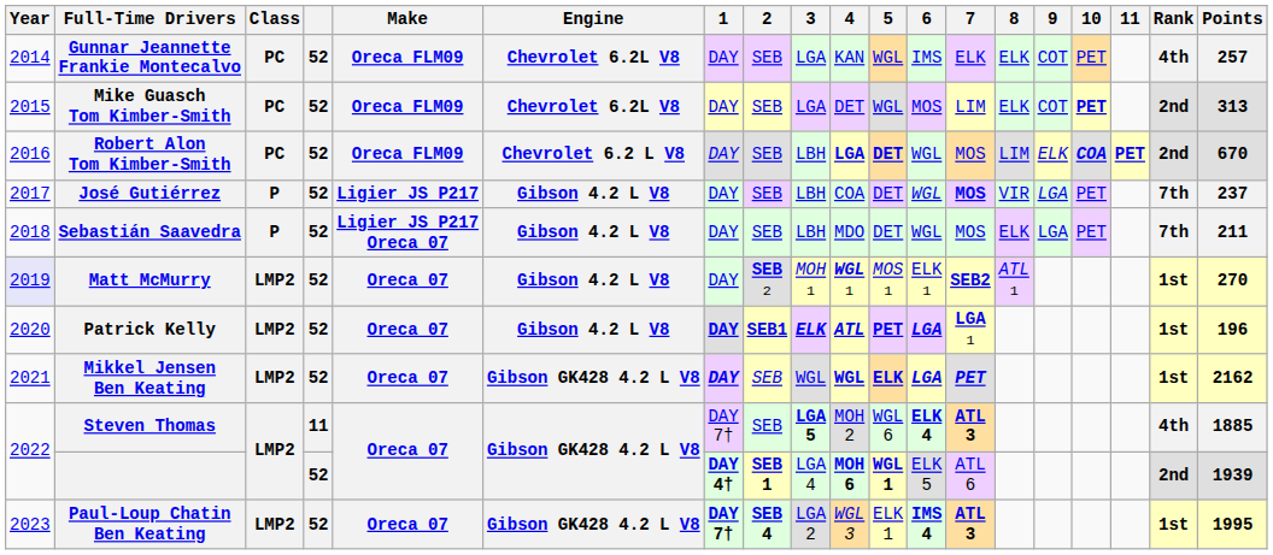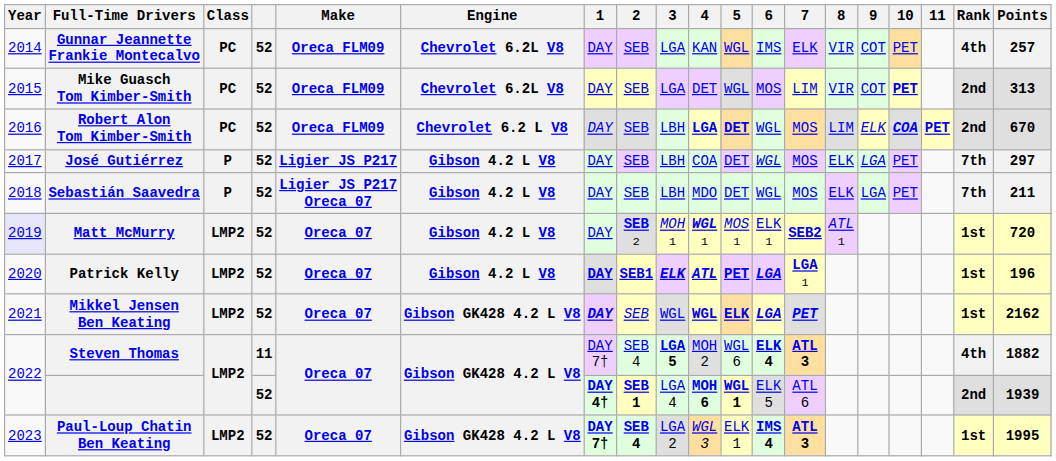 <table class="wikitable" style="text-align:center; font-size:90%">
 <tr>
 <th>Year</th>
 <th>Full-Time Drivers</th>
 <th>Class</th>
 <th></th>
 <th>Make</th>
 <th>Engine</th>
 <th>1</th>
 <th>2</th>
 <th>3</th>
 <th>4</th>
 <th>5</th>
 <th>6</th>
 <th>7</th>
 <th>8</th>
 <th>9</th>
 <th>10</th>
 <th>11</th>
 <th>Rank</th>
 <th>Points</th>
 </tr>
 <tr>
 <td><a href='#'>2014</a></td>
 <th> <a href='#'>Gunnar Jeannette</a> <br>  <a href='#'>Frankie Montecalvo</a></th>
 <th>PC</th>
 <th>52</th>
 <th><a href='#'>Oreca FLM09</a></th>
 <th><a href='#'>Chevrolet</a> 6.2L <a href='#'>V8</a></th>
 <td style="background:#EFCFFF;"><a href='#'>DAY</a><br></td>
 <td style="background:#EFCFFF;"><a href='#'>SEB</a><br></td>
 <td style="background:#DFFFDF;"><a href='#'>LGA</a><br></td>
 <td style="background:#DFFFDF;"><a href='#'>KAN</a><br></td>
 <td style="background:#FFDF9F;"><a href='#'>WGL</a><br></td>
 <td style="background:#DFFFDF;"><a href='#'>IMS</a><br></td>
 <td style="background:#EFCFFF;"><a href='#'>ELK</a><br></td>
-<td style="background:#DFFFDF;"><a href='#'>ELK</a><br></td>
+<td style="background:#DFFFDF;"><a href='#'>VIR</a><br></td>
 <td style="background:#DFFFDF;"><a href='#'>COT</a><br></td>
 <td style="background:#FFDF9F;"><a href='#'>PET</a><br></td>
 <td></td>
 <th>4th</th>
 <th>257</th>
 </tr>
 <tr>
 <td><a href='#'>2015</a></td>
 <th> Mike Guasch <br>  <a href='#'>Tom Kimber-Smith</a></th>
 <th>PC</th>
 <th>52</th>
 <th><a href='#'>Oreca FLM09</a></th>
 <th><a href='#'>Chevrolet</a> 6.2L <a href='#'>V8</a></th>
 <td style="background:#FFFFBF;"><a href='#'>DAY</a><br></td>
 <td style="background:#FFFFBF;"><a href='#'>SEB</a><br></td>
 <td style="background:#EFCFFF;"><a href='#'>LGA</a><br></td>
 <td style="background:#EFCFFF;"><a href='#'>DET</a><br></td>
 <td style="background:#DFDFDF;"><a href='#'>WGL</a><br></td>
 <td style="background:#EFCFFF;"><a href='#'>MOS</a><br></td>
 <td style="background:#FFFFBF;"><a href='#'>LIM</a><br></td>
-<td style="background:#DFFFDF;"><a href='#'>ELK</a><br></td>
+<td style="background:#DFFFDF;"><a href='#'>VIR</a><br></td>
 <td style="background:#DFFFDF;"><a href='#'>COT</a><br></td>
 <td style="background:#FFFFBF;"><strong><a href='#'>PET</a></strong><br></td>
 <td></td>
 <th style="background:#dfdfdf;">2nd</th>
 <th style="background:#dfdfdf;">313</th>
 </tr>
 <tr>
 <td><a href='#'>2016</a></td>
 <th> <a href='#'>Robert Alon</a> <br>  <a href='#'>Tom Kimber-Smith</a></th>
 <th>PC</th>
 <th>52</th>
 <th><a href='#'>Oreca FLM09</a></th>
 <th><a href='#'>Chevrolet</a> 6.2 L <a href='#'>V8</a></th>
 <td style="background:#dfdfdf;"><em><a href='#'>DAY</a></em><br></td>
 <td style="background:#dfdfdf;"><a href='#'>SEB</a><br></td>
 <td style="background:#dfffdf;"><a href='#'>LBH</a><br></td>
 <td style="background:#ffffbf;"><strong><a href='#'>LGA</a></strong><br></td>
 <td style="background:#ffdf9f;"><strong><a href='#'>DET</a></strong> <br></td>
 <td style="background:#dfffdf;"><a href='#'>WGL</a> <br></td>
 <td style="background:#ffdf9f;"><a href='#'>MOS</a> <br></td>
 <td style="background:#dfdfdf;"><a href='#'>LIM</a> <br></td>
 <td style="background:#ffffbf;"><em><a href='#'>ELK</a></em><br></td>
 <td style="background:#dfdfdf;"><strong><em><a href='#'>COA</a></em></strong><br></td>
 <td style="background:#ffffbf;"><strong><a href='#'>PET</a></strong><br></td>
 <th style="background:#dfdfdf;">2nd</th>
 <th style="background:#dfdfdf;">670</th>
 </tr>
 <tr>
 <td><a href='#'>2017</a></td>
 <th> <a href='#'>José Gutiérrez</a></th>
 <th>P</th>
 <th>52</th>
 <th><a href='#'>Ligier JS P217</a></th>
 <th><a href='#'>Gibson</a> 4.2 L <a href='#'>V8</a></th>
 <td style="background:#DFFFDF;"><a href='#'>DAY</a><br></td>
 <td style="background:#EFCFFF;"><a href='#'>SEB</a><br></td>
 <td style="background:#DFFFDF;"><a href='#'>LBH</a><br></td>
 <td style="background:#DFFFDF;"><a href='#'>COA</a><br></td>
 <td style="background:#EFCFFF;"><a href='#'>DET</a><br></td>
 <td style="background:#DFFFDF;"><em><a href='#'>WGL</a></em><br></td>
-<td style="background:#EFCFFF;"><strong><a href='#'>MOS</a><br></strong></td>
-<td style="background:#DFFFDF;"><a href='#'>VIR</a><br></td>
+<td style="background:#EFCFFF;"><a href='#'>MOS</a><br></td>
+<td style="background:#DFFFDF;"><a href='#'>ELK</a><br></td>
 <td style="background:#DFFFDF;"><em><a href='#'>LGA</a></em><br></td>
 <td style="background:#EFCFFF;"><a href='#'>PET</a><br></td>
 <td></td>
 <th>7th</th>
-<th>237</th>
+<th>297</th>
 </tr>
 <tr>
 <td><a href='#'>2018</a></td>
 <th> <a href='#'>Sebastián Saavedra</a></th>
 <th>P</th>
 <th>52</th>
 <th><a href='#'>Ligier JS P217</a>  <br> <a href='#'>Oreca 07</a> </th>
 <th><a href='#'>Gibson</a> 4.2 L <a href='#'>V8</a></th>
 <td style="background:#DFFFDF;"><a href='#'>DAY</a><br></td>
 <td style="background:#DFFFDF;"><a href='#'>SEB</a><br></td>
 <td style="background:#DFFFDF;"><a href='#'>LBH</a><br></td>
 <td style="background:#DFFFDF;"><a href='#'>MDO</a><br></td>
 <td style="background:#DFFFDF;"><a href='#'>DET</a><br></td>
 <td style="background:#DFFFDF;"><a href='#'>WGL</a><br></td>
 <td style="background:#DFFFDF;"><a href='#'>MOS</a><br></td>
 <td style="background:#EFCFFF;"><a href='#'>ELK</a><br></td>
 <td style="background:#DFFFDF;"><a href='#'>LGA</a><br></td>
 <td style="background:#EFCFFF;"><a href='#'>PET</a><br></td>
 <td></td>
 <th>7th</th>
 <th>211</th>
 </tr>
 <tr>
 <td style="background: lavender;"><a href='#'>2019</a></td>
 <th> <a href='#'>Matt McMurry</a></th>
 <th>LMP2</th>
 <th>52</th>
 <th><a href='#'>Oreca 07</a></th>
 <th><a href='#'>Gibson</a> 4.2 L <a href='#'>V8</a></th>
 <td style="background:#DFFFDF;"><a href='#'>DAY</a><br></td>
 <td style="background:#dfdfdf;"><strong><a href='#'>SEB</a></strong><br><small>2</small></td>
 <td style="background:#ffffbf;"><em><a href='#'>MOH</a></em><br><small>1</small></td>
 <td style="background:#ffffbf;"><strong><em><a href='#'>WGL</a></em></strong><br><small>1</small></td>
 <td style="background:#ffffbf;"><em><a href='#'>MOS</a></em><br><small>1</small></td>
 <td style="background:#ffffbf;"><a href='#'>ELK</a><br><small>1</small></td>
 <td style="background:#FFFFBF;"><strong><a href='#'>SEB2</a></strong><br></td>
 <td style="background:#EFCFFF;"><em><a href='#'>ATL</a></em><br><small>1</small></td>
 <td></td>
 <td></td>
 <td></td>
 <th style="background:#ffffbf;">1st</th>
-<th style="background:#ffffbf;">270</th>
+<th style="background:#ffffbf;">720</th>
 </tr>
 <tr>
 <td><a href='#'>2020</a></td>
 <th> Patrick Kelly</th>
 <th>LMP2</th>
 <th>52</th>
 <th><a href='#'>Oreca 07</a></th>
 <th><a href='#'>Gibson</a> 4.2 L <a href='#'>V8</a></th>
 <td style="background:#DFDFDF;"><strong><a href='#'>DAY</a></strong><br></td>
 <td style="background:#FFFFBF;"><strong><a href='#'>SEB1</a></strong><br></td>
 <td style="background:#EFCFFF;"><strong><em><a href='#'>ELK</a></em></strong><br></td>
 <td style="background:#FFFFBF;"><strong><em><a href='#'>ATL</a></em></strong><br></td>
 <td style="background:#EFCFFF;"><strong><a href='#'>PET</a></strong><br></td>
 <td style="background:#EFCFFF;"><strong><em><a href='#'>LGA</a></em></strong><br></td>
 <td style="background:#ffffbf;"><strong><a href='#'>LGA</a></strong><br><small>1</small></td>
 <td></td>
 <td></td>
 <td></td>
 <td></td>
 <th style="background:#ffffbf;">1st</th>
 <th style="background:#ffffbf;">196</th>
 </tr>
 <tr>
 <td><a href='#'>2021</a></td>
 <th> <a href='#'>Mikkel Jensen</a> <br>  <a href='#'>Ben Keating</a></th>
 <th>LMP2</th>
 <th>52</th>
 <th><a href='#'>Oreca 07</a></th>
 <th><a href='#'>Gibson</a> GK428 4.2 L <a href='#'>V8</a></th>
 <td style="background:#EFCFFF;"><strong><em><a href='#'>DAY</a></em></strong><br></td>
 <td style="background:#FFFFBF;"><em><a href='#'>SEB</a></em><br></td>
 <td style="background:#DFDFDF;"><a href='#'>WGL</a><br></td>
 <td style="background:#FFFFBF;"><strong><a href='#'>WGL</a></strong><br></td>
 <td style="background:#FFDF9F;"><strong><a href='#'>ELK</a></strong><br></td>
 <td style="background:#FFFFBF;"><strong><em><a href='#'>LGA</a></em></strong><br></td>
 <td style="background:#DFDFDF;"><strong><em><a href='#'>PET</a></em></strong><br></td>
 <td></td>
 <td></td>
 <td></td>
 <td></td>
 <th style="background:#FFFFBF;">1st</th>
 <th style="background:#FFFFBF;">2162</th>
 </tr>
 <tr>
 <td rowspan="2"><a href='#'>2022</a></td>
 <th> <a href='#'>Steven Thomas</a></th>
 <th rowspan="2">LMP2</th>
 <th>11</th>
 <th rowspan="2"><a href='#'>Oreca 07</a></th>
 <th rowspan="2"><a href='#'>Gibson</a> GK428 4.2 L <a href='#'>V8</a></th>
 <td style="background:#EFCFFF;"><a href='#'>DAY</a><br>7†</td>
-<td style="background:#DFFFDF;"><a href='#'>SEB</a><br></td>
+<td style="background:#DFFFDF;"><a href='#'>SEB</a><br>4</td>
 <td style="background:#DFFFDF;"><strong><a href='#'>LGA</a><br>5</strong></td>
 <td style="background:#DFDFDF;”"><a href='#'>MOH</a><br>2</td>
 <td style="background:#DFFFDF;"><a href='#'>WGL</a><br>6</td>
 <td style="background:#DFFFDF;"><strong><a href='#'>ELK</a><br>4</strong></td>
 <td style="background:#FFDF9F;”"><strong><a href='#'>ATL</a><br>3</strong></td>
 <td></td>
 <td></td>
 <td></td>
 <td></td>
 <th>4th</th>
-<th>1885</th>
+<th>1882</th>
 </tr>
 <tr>
 <th></th>
 <th>52</th>
 <td style="background:#DFFFDF;"><strong><a href='#'>DAY</a><br>4†</strong></td>
 <td style="background:#FFFFBF;”"><strong><a href='#'>SEB</a><br>1</strong></td>
 <td style="background:#DFFFDF;"><a href='#'>LGA</a><br>4</td>
 <td style="background:#DFFFDF;"><strong><a href='#'>MOH</a><br>6</strong></td>
 <td style="background:#FFFFBF;”"><strong><a href='#'>WGL</a><br>1</strong></td>
 <td style="background:#DFDFDF;”"><a href='#'>ELK</a><br>5</td>
 <td style="background:#EFCFFF;"><a href='#'>ATL</a><br>6</td>
 <td></td>
 <td></td>
 <td></td>
 <td></td>
 <th style="background:#DFDFDF;”">2nd</th>
 <th style="background:#DFDFDF;”">1939</th>
 </tr>
 <tr>
 <td><a href='#'>2023</a></td>
 <th> <a href='#'>Paul-Loup Chatin</a><br> <a href='#'>Ben Keating</a></th>
 <th>LMP2</th>
 <th>52</th>
 <th><a href='#'>Oreca 07</a></th>
 <th><a href='#'>Gibson</a> GK428 4.2 L <a href='#'>V8</a></th>
 <td style="background:#DFFFDF;"><strong><a href='#'>DAY</a><br>7†</strong></td>
 <td style="background:#DFFFDF;"><strong><a href='#'>SEB</a><br>4</strong></td>
 <td style="background:#DFDFDF;”"><a href='#'>LGA</a><br>2</td>
 <td style="background:#FFDF9F;”"><em><a href='#'>WGL</a><br>3</em></td>
 <td style="background:#FFFFBF;”"><a href='#'>ELK</a><br>1</td>
 <td style="background:#DFFFDF;"><strong><a href='#'>IMS</a><br>4</strong></td>
 <td style="background:#FFDF9F;”"><strong><a href='#'>ATL</a><br>3</strong></td>
 <td></td>
 <td></td>
 <td></td>
 <td></td>
 <th style="background:#FFFFBF;”">1st</th>
 <th style="background:#FFFFBF;”">1995</th>
 </tr>
 </table>
